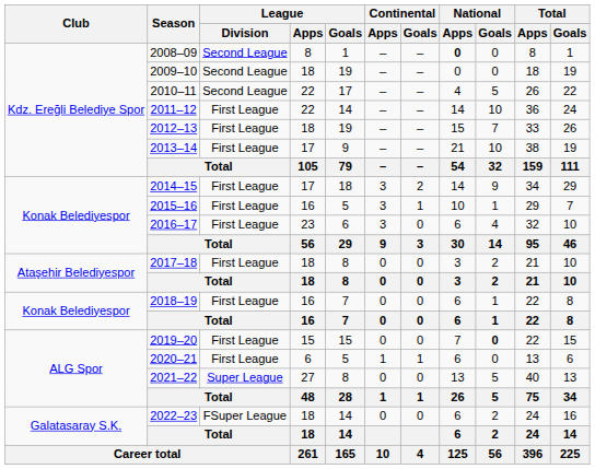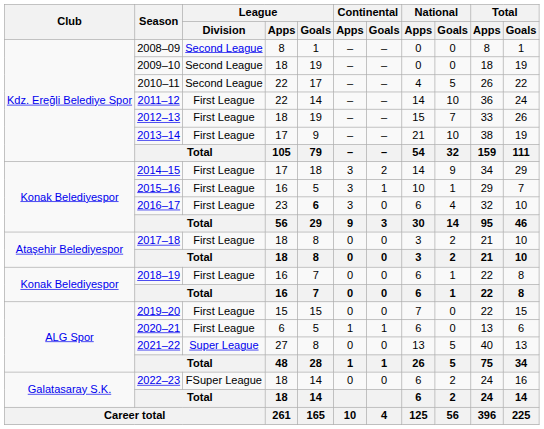 <table class="wikitable" style="text-align: center;">
 <tr>
 <th rowspan="2">Club</th>
 <th rowspan="2">Season</th>
 <th colspan="3">League</th>
 <th colspan="2">Continental</th>
 <th colspan="2">National</th>
 <th colspan="2">Total</th>
 </tr>
 <tr>
 <th>Division</th>
 <th>Apps</th>
 <th>Goals</th>
 <th>Apps</th>
 <th>Goals</th>
 <th>Apps</th>
 <th>Goals</th>
 <th>Apps</th>
 <th>Goals</th>
 </tr>
 <tr>
 <td rowspan=7><a href='#'>Kdz. Ereğli Belediye Spor</a></td>
 <td>2008–09</td>
 <td><a href='#'>Second League</a></td>
 <td>8</td>
 <td>1</td>
 <td>–</td>
 <td>–</td>
-<td><strong>0</strong></td>
+<td>0</td>
 <td>0</td>
 <td>8</td>
 <td>1</td>
 </tr>
 <tr>
 <td>2009–10</td>
 <td>Second League</td>
 <td>18</td>
 <td>19</td>
 <td>–</td>
 <td>–</td>
 <td>0</td>
 <td>0</td>
 <td>18</td>
 <td>19</td>
 </tr>
 <tr>
 <td>2010–11</td>
 <td>Second League</td>
 <td>22</td>
 <td>17</td>
 <td>–</td>
 <td>–</td>
 <td>4</td>
 <td>5</td>
 <td>26</td>
 <td>22</td>
 </tr>
 <tr>
 <td><a href='#'>2011–12</a></td>
 <td>First League</td>
 <td>22</td>
 <td>14</td>
 <td>–</td>
 <td>–</td>
 <td>14</td>
 <td>10</td>
 <td>36</td>
 <td>24</td>
 </tr>
 <tr>
 <td><a href='#'>2012–13</a></td>
 <td>First League</td>
 <td>18</td>
 <td>19</td>
 <td>–</td>
 <td>–</td>
 <td>15</td>
 <td>7</td>
 <td>33</td>
 <td>26</td>
 </tr>
 <tr>
 <td><a href='#'>2013–14</a></td>
 <td>First League</td>
 <td>17</td>
 <td>9</td>
 <td>–</td>
 <td>–</td>
 <td>21</td>
 <td>10</td>
 <td>38</td>
 <td>19</td>
 </tr>
 <tr>
 <th colspan="2">Total</th>
 <th>105</th>
 <th>79</th>
 <th>–</th>
 <th>–</th>
 <th>54</th>
 <th>32</th>
 <th>159</th>
 <th>111</th>
 </tr>
 <tr>
 <td rowspan=4><a href='#'>Konak Belediyespor</a></td>
 <td><a href='#'>2014–15</a></td>
 <td>First League</td>
 <td>17</td>
 <td>18</td>
 <td>3</td>
 <td>2</td>
 <td>14</td>
 <td>9</td>
 <td>34</td>
 <td>29</td>
 </tr>
 <tr>
 <td><a href='#'>2015–16</a></td>
 <td>First League</td>
 <td>16</td>
 <td>5</td>
 <td>3</td>
 <td>1</td>
 <td>10</td>
 <td>1</td>
 <td>29</td>
 <td>7</td>
 </tr>
 <tr>
 <td><a href='#'>2016–17</a></td>
 <td>First League</td>
 <td>23</td>
-<td>6</td>
+<td><strong>6</strong></td>
 <td>3</td>
 <td>0</td>
 <td>6</td>
 <td>4</td>
 <td>32</td>
 <td>10</td>
 </tr>
 <tr>
 <th colspan="2">Total</th>
 <th>56</th>
 <th>29</th>
 <th>9</th>
 <th>3</th>
 <th>30</th>
 <th>14</th>
 <th>95</th>
 <th>46</th>
 </tr>
 <tr>
 <td rowspan=2><a href='#'>Ataşehir Belediyespor</a></td>
 <td><a href='#'>2017–18</a></td>
 <td>First League</td>
 <td>18</td>
 <td>8</td>
 <td>0</td>
 <td>0</td>
 <td>3</td>
 <td>2</td>
 <td>21</td>
 <td>10</td>
 </tr>
 <tr>
 <th colspan=2>Total</th>
 <th>18</th>
 <th>8</th>
 <th>0</th>
 <th>0</th>
 <th>3</th>
 <th>2</th>
 <th>21</th>
 <th>10</th>
 </tr>
 <tr>
 <td rowspan=2><a href='#'>Konak Belediyespor</a></td>
 <td><a href='#'>2018–19</a></td>
 <td>First League</td>
 <td>16</td>
 <td>7</td>
 <td>0</td>
 <td>0</td>
 <td>6</td>
 <td>1</td>
 <td>22</td>
 <td>8</td>
 </tr>
 <tr>
 <th colspan=2>Total</th>
 <th>16</th>
 <th>7</th>
 <th>0</th>
 <th>0</th>
 <th>6</th>
 <th>1</th>
 <th>22</th>
 <th>8</th>
 </tr>
 <tr>
 <td rowspan=4><a href='#'>ALG Spor</a></td>
 <td><a href='#'>2019–20</a></td>
 <td>First League</td>
 <td>15</td>
 <td>15</td>
 <td>0</td>
 <td>0</td>
 <td>7</td>
-<td><strong>0</strong></td>
+<td>0</td>
 <td>22</td>
 <td>15</td>
 </tr>
 <tr>
 <td><a href='#'>2020–21</a></td>
 <td>First League</td>
 <td>6</td>
 <td>5</td>
 <td>1</td>
 <td>1</td>
 <td>6</td>
 <td>0</td>
 <td>13</td>
 <td>6</td>
 </tr>
 <tr>
 <td><a href='#'>2021–22</a></td>
 <td><a href='#'>Super League</a></td>
 <td>27</td>
 <td>8</td>
 <td>0</td>
 <td>0</td>
 <td>13</td>
 <td>5</td>
 <td>40</td>
 <td>13</td>
 </tr>
 <tr>
 <th colspan=2>Total</th>
 <th>48</th>
 <th>28</th>
 <th>1</th>
 <th>1</th>
 <th>26</th>
 <th>5</th>
 <th>75</th>
 <th>34</th>
 </tr>
 <tr>
 <td rowspan=2><a href='#'>Galatasaray S.K.</a></td>
 <td><a href='#'>2022–23</a></td>
 <td>FSuper League</td>
 <td>18</td>
 <td>14</td>
 <td>0</td>
 <td>0</td>
 <td>6</td>
 <td>2</td>
 <td>24</td>
 <td>16</td>
 </tr>
 <tr>
 <th colspan=2>Total</th>
 <th>18</th>
 <th>14</th>
 <th></th>
 <th></th>
 <th>6</th>
 <th>2</th>
 <th>24</th>
 <th>14</th>
 </tr>
 <tr>
 <th colspan="3">Career total</th>
 <th>261</th>
 <th>165</th>
 <th>10</th>
 <th>4</th>
 <th>125</th>
 <th>56</th>
 <th>396</th>
 <th>225</th>
 </tr>
 </table>
